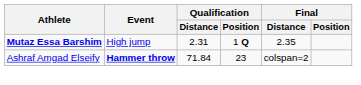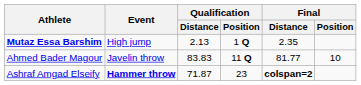 <table class=wikitable style="font-size:90%">
 <tr>
 <th rowspan="2">Athlete</th>
 <th rowspan="2">Event</th>
 <th colspan="2">Qualification</th>
 <th colspan="2">Final</th>
 </tr>
 <tr style="font-size:95%">
 <th>Distance</th>
 <th>Position</th>
 <th>Distance</th>
 <th>Position</th>
 </tr>
 <tr style=text-align:center>
 <td style=text-align:left><strong><a href='#'>Mutaz Essa Barshim</a></strong></td>
 <td style=text-align:left><a href='#'>High jump</a></td>
-<td>2.31</td>
+<td>2.13</td>
 <td>1 <strong>Q</strong></td>
 <td>2.35</td>
 <td></td>
 </tr>
 <tr style=text-align:center>
+<td style=text-align:left><a href='#'>Ahmed Bader Magour</a></td>
+<td style=text-align:left><a href='#'>Javelin throw</a></td>
+<td>83.83</td>
+<td>11 <strong>Q</strong></td>
+<td>81.77</td>
+<td>10</td>
+</tr>
+<tr style=text-align:center>
 <td style=text-align:left><a href='#'>Ashraf Amgad Elseify</a></td>
 <td style=text-align:left><strong><a href='#'>Hammer throw</a></strong></td>
-<td>71.84</td>
+<td>71.87</td>
 <td>23</td>
-<td>colspan=2 </td>
+<td><strong>colspan=2 </strong></td>
 </tr>
 </table>
